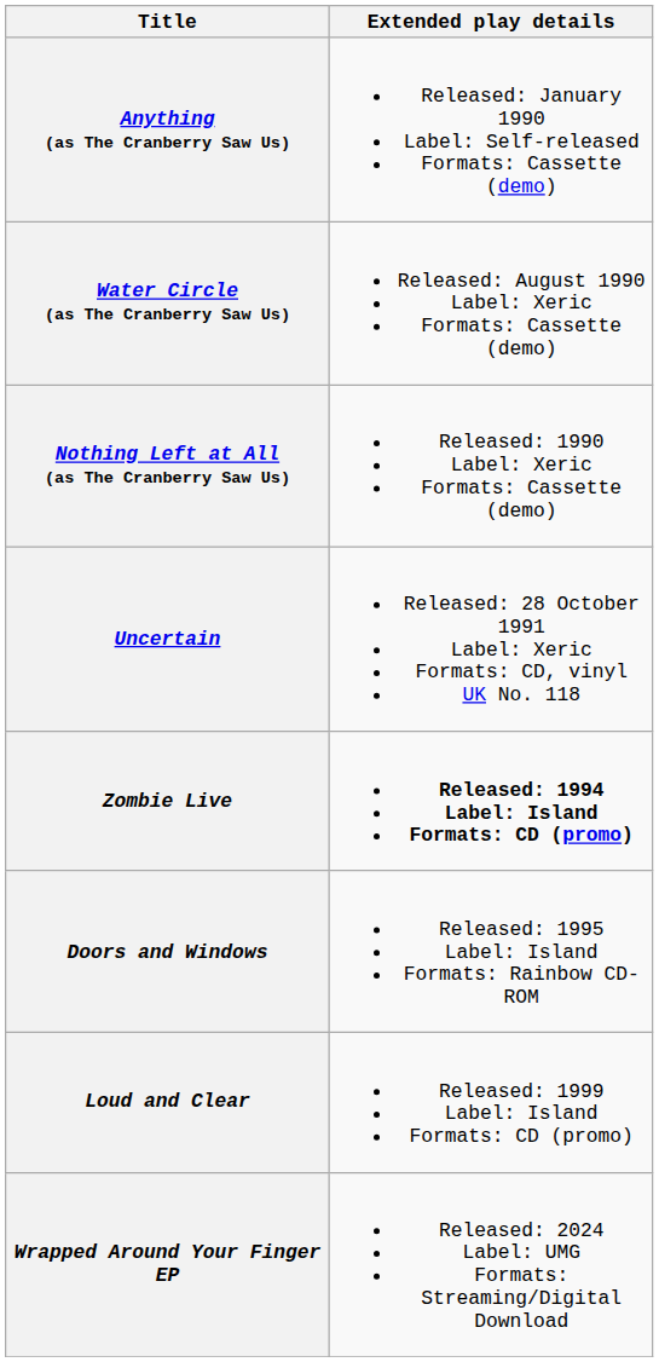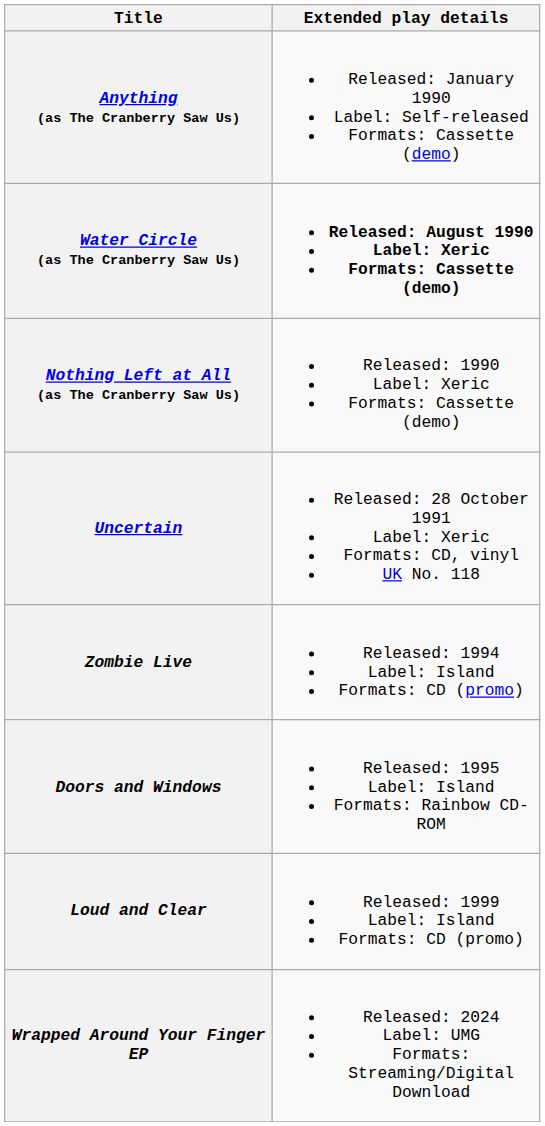 <table class="wikitable plainrowheaders" style="text-align:center;">
 <tr>
 <th scope="col" style="width:16em;">Title</th>
 <th scope="col" style="width:16em;">Extended play details</th>
 </tr>
 <tr>
 <th scope="row"><em><a href='#'>Anything</a></em><br><small>(as The Cranberry Saw Us)</small></th>
 <td><br><ul><li>Released: January 1990</li><li>Label: Self-released</li><li>Formats: Cassette (<a href='#'>demo</a>)</li></ul></td>
 </tr>
 <tr>
 <th scope="row"><em><a href='#'>Water Circle</a></em><br><small>(as The Cranberry Saw Us)</small></th>
-<td><br><ul><li>Released: August 1990</li><li>Label: Xeric</li><li>Formats: Cassette (demo)</li></ul></td>
+<td><strong><br><ul><li>Released: August 1990</li><li>Label: Xeric</li><li>Formats: Cassette (demo)</li></ul></strong></td>
 </tr>
 <tr>
 <th scope="row"><em><a href='#'>Nothing Left at All</a></em><br><small>(as The Cranberry Saw Us)</small></th>
 <td><br><ul><li>Released: 1990</li><li>Label: Xeric</li><li>Formats: Cassette (demo)</li></ul></td>
 </tr>
 <tr>
 <th scope="row"><em><a href='#'>Uncertain</a></em></th>
 <td><br><ul><li>Released: 28 October 1991</li><li>Label: Xeric</li><li>Formats: CD, vinyl</li><li><a href='#'>UK</a> No. 118</li></ul></td>
 </tr>
 <tr>
 <th scope="row"><em>Zombie Live</em></th>
-<td><strong><br><ul><li>Released: 1994</li><li>Label: Island</li><li>Formats: CD (<a href='#'>promo</a>)</li></ul></strong></td>
+<td><br><ul><li>Released: 1994</li><li>Label: Island</li><li>Formats: CD (<a href='#'>promo</a>)</li></ul></td>
 </tr>
 <tr>
 <th scope="row"><em>Doors and Windows</em></th>
 <td><br><ul><li>Released: 1995</li><li>Label: Island</li><li>Formats: Rainbow CD-ROM</li></ul></td>
 </tr>
 <tr>
 <th scope="row"><em>Loud and Clear</em></th>
 <td><br><ul><li>Released: 1999</li><li>Label: Island</li><li>Formats: CD (promo)</li></ul></td>
 </tr>
 <tr>
 <th scope="row"><em>Wrapped Around Your Finger EP</em></th>
 <td><br><ul><li>Released: 2024</li><li>Label: UMG</li><li>Formats: Streaming/Digital Download</li></ul></td>
 </tr>
 <tr>
 </tr>
 </table>
